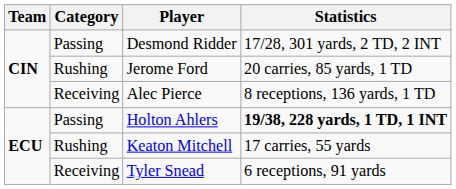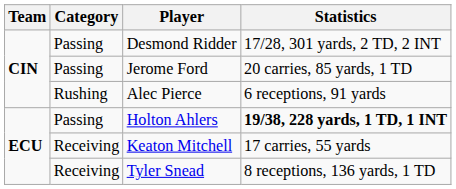 <table class="wikitable" style="float: left;">
 <tr>
 <th>Team</th>
 <th>Category</th>
 <th>Player</th>
 <th>Statistics</th>
 </tr>
 <tr>
 <td rowspan=3><strong>CIN</strong></td>
 <td>Passing</td>
 <td>Desmond Ridder</td>
 <td>17/28, 301 yards, 2 TD, 2 INT</td>
 </tr>
 <tr>
-<td>Rushing</td>
+<td>Passing</td>
 <td>Jerome Ford</td>
 <td>20 carries, 85 yards, 1 TD</td>
 </tr>
 <tr>
-<td>Receiving</td>
+<td>Rushing</td>
 <td>Alec Pierce</td>
-<td>8 receptions, 136 yards, 1 TD</td>
+<td>6 receptions, 91 yards</td>
 </tr>
 <tr>
 <td rowspan=3><strong>ECU</strong></td>
 <td>Passing</td>
 <td><a href='#'>Holton Ahlers</a></td>
 <td><strong>19/38, 228 yards, 1 TD, 1 INT</strong></td>
 </tr>
 <tr>
-<td>Rushing</td>
+<td>Receiving</td>
 <td><a href='#'>Keaton Mitchell</a></td>
 <td>17 carries, 55 yards</td>
 </tr>
 <tr>
 <td>Receiving</td>
 <td><a href='#'>Tyler Snead</a></td>
-<td>6 receptions, 91 yards</td>
+<td>8 receptions, 136 yards, 1 TD</td>
 </tr>
 </table>
